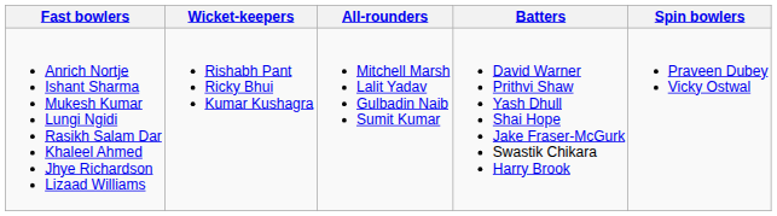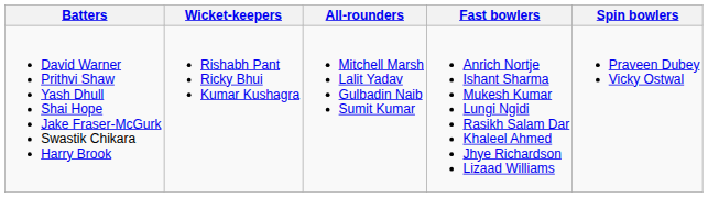 <table class="wikitable">
 <tr>
-<th><a href='#'>Fast bowlers</a></th>
+<th><a href='#'>Batters</a></th>
 <th><a href='#'>Wicket-keepers</a></th>
 <th><a href='#'>All-rounders</a></th>
-<th><a href='#'>Batters</a></th>
+<th><a href='#'>Fast bowlers</a></th>
 <th><a href='#'>Spin bowlers</a></th>
 </tr>
 <tr>
-<td valign="top"><br><ul><li><a href='#'>Anrich Nortje</a></li><li><a href='#'>Ishant Sharma</a></li><li><a href='#'> Mukesh Kumar</a></li><li><a href='#'>Lungi Ngidi</a></li><li><a href='#'>Rasikh Salam Dar</a></li><li><a href='#'>Khaleel Ahmed</a></li><li><a href='#'>Jhye Richardson</a></li><li><a href='#'>Lizaad Williams</a></li></ul></td>
+<td valign="top"><br><ul><li><a href='#'>David Warner</a></li><li><a href='#'>Prithvi Shaw</a></li><li><a href='#'>Yash Dhull</a></li><li><a href='#'>Shai Hope</a></li><li><a href='#'>Jake Fraser-McGurk</a></li><li>Swastik Chikara</li><li><a href='#'>Harry Brook</a></li></ul></td>
 <td valign="top"><br><ul><li><a href='#'>Rishabh Pant</a></li><li><a href='#'>Ricky Bhui</a></li><li><a href='#'>Kumar Kushagra</a></li></ul></td>
 <td valign="top"><br><ul><li><a href='#'>Mitchell Marsh</a></li><li><a href='#'>Lalit Yadav</a></li><li><a href='#'>Gulbadin Naib</a></li><li><a href='#'>Sumit Kumar</a></li></ul></td>
-<td valign="top"><br><ul><li><a href='#'>David Warner</a></li><li><a href='#'>Prithvi Shaw</a></li><li><a href='#'>Yash Dhull</a></li><li><a href='#'>Shai Hope</a></li><li><a href='#'>Jake Fraser-McGurk</a></li><li>Swastik Chikara</li><li><a href='#'>Harry Brook</a></li></ul></td>
+<td valign="top"><br><ul><li><a href='#'>Anrich Nortje</a></li><li><a href='#'>Ishant Sharma</a></li><li><a href='#'> Mukesh Kumar</a></li><li><a href='#'>Lungi Ngidi</a></li><li><a href='#'>Rasikh Salam Dar</a></li><li><a href='#'>Khaleel Ahmed</a></li><li><a href='#'>Jhye Richardson</a></li><li><a href='#'>Lizaad Williams</a></li></ul></td>
 <td valign="top"><br><ul><li><a href='#'>Praveen Dubey</a></li><li><a href='#'>Vicky Ostwal</a></li></ul></td>
 </tr>
 </table>
